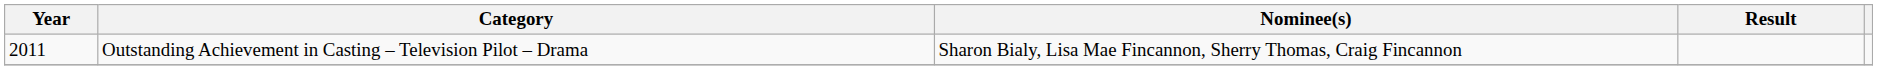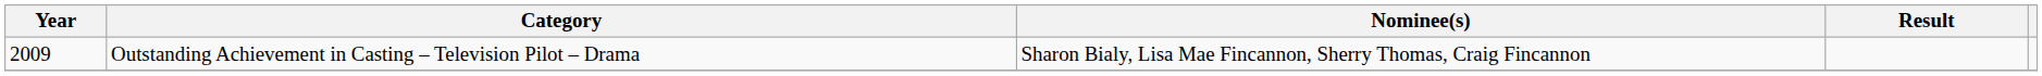 <table class="wikitable" width=100%>
 <tr>
 <th width=5%>Year</th>
 <th width=45%>Category</th>
 <th width=40%>Nominee(s)</th>
 <th width=10%>Result</th>
 <th width=5%></th>
 </tr>
 <tr>
-<td rowspan=1>2011</td>
+<td rowspan=1>2009</td>
 <td>Outstanding Achievement in Casting – Television Pilot – Drama</td>
 <td>Sharon Bialy, Lisa Mae Fincannon, Sherry Thomas, Craig Fincannon</td>
 <td></td>
 <td></td>
 </tr>
 <tr>
 </tr>
 </table>
